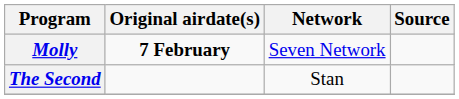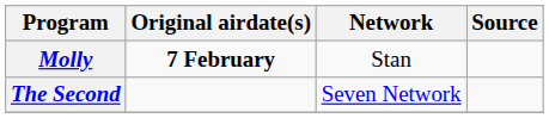 <table class="wikitable plainrowheaders sortable" style="text-align:center">
 <tr>
 <th scope="col">Program</th>
 <th scope="col">Original airdate(s)</th>
 <th scope="col">Network</th>
 <th scope="col" class="unsortable">Source</th>
 </tr>
 <tr>
 <th scope="row"><em><a href='#'>Molly</a></em></th>
 <td><strong>7 February</strong></td>
-<td><a href='#'>Seven Network</a></td>
+<td>Stan</td>
 <td></td>
 </tr>
 <tr>
 <th scope="row"><em><a href='#'>The Second</a></em></th>
 <td></td>
-<td>Stan</td>
+<td><a href='#'>Seven Network</a></td>
 <td></td>
 </tr>
 <tr>
 </tr>
 </table>
